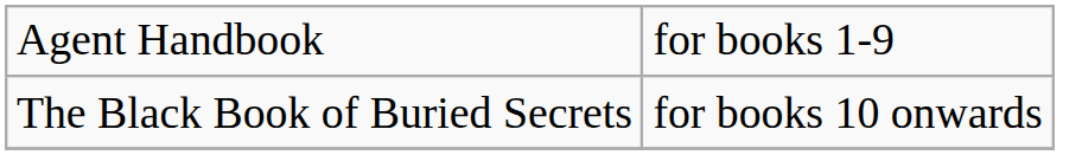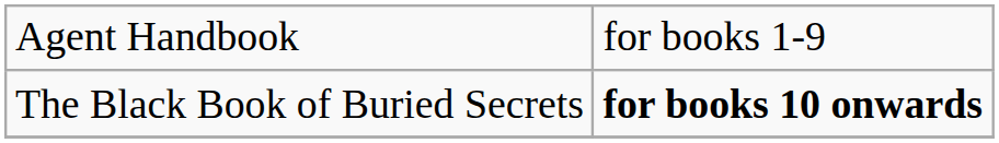 <table class=wikitable>
 <tr>
 <td>Agent Handbook</td>
 <td>for books 1-9</td>
 </tr>
 <tr>
 <td>The Black Book of Buried Secrets</td>
-<td>for books 10 onwards</td>
+<td><strong>for books 10 onwards</strong></td>
 </tr>
 <tr>
 </tr>
 </table>
